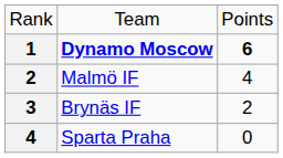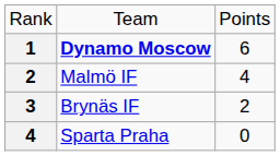 <table class="wikitable" style="text-align: center;">
 <tr>
 <td>Rank</td>
 <td>Team</td>
 <td>Points</td>
 </tr>
 <tr>
 <th>1</th>
 <td style="text-align: left;"> <strong><a href='#'>Dynamo Moscow</a></strong></td>
-<td><strong>6</strong></td>
+<td>6</td>
 </tr>
 <tr>
 <th>2</th>
 <td style="text-align: left;"> <a href='#'>Malmö IF</a></td>
 <td>4</td>
 </tr>
 <tr>
 <th>3</th>
 <td style="text-align: left;"> <a href='#'>Brynäs IF</a></td>
 <td>2</td>
 </tr>
 <tr>
 <th>4</th>
 <td style="text-align: left;"> <a href='#'>Sparta Praha</a></td>
 <td>0</td>
 </tr>
 </table>
